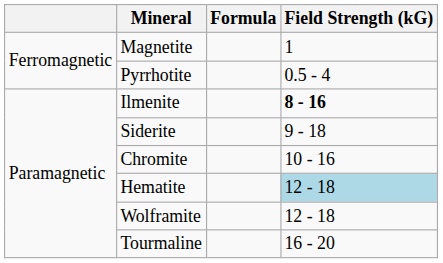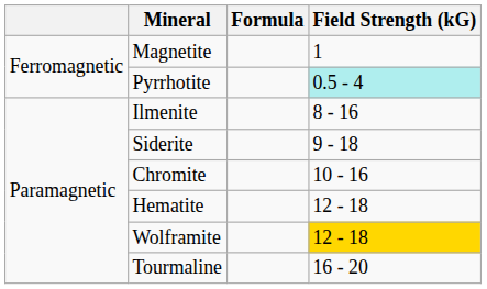 <table class="wikitable">
 <tr>
 <th></th>
 <th>Mineral</th>
 <th>Formula</th>
 <th>Field Strength (kG)</th>
 </tr>
 <tr>
 <td rowspan="2">Ferromagnetic</td>
 <td>Magnetite</td>
 <td></td>
 <td>1</td>
 </tr>
 <tr>
 <td>Pyrrhotite</td>
 <td></td>
-<td>0.5 - 4</td>
+<td style="background: paleturquoise;">0.5 - 4</td>
 </tr>
 <tr>
 <td rowspan="6">Paramagnetic</td>
 <td>Ilmenite</td>
 <td></td>
-<td><strong>8 - 16</strong></td>
+<td>8 - 16</td>
 </tr>
 <tr>
 <td>Siderite</td>
 <td></td>
 <td>9 - 18</td>
 </tr>
 <tr>
 <td>Chromite</td>
 <td></td>
 <td>10 - 16</td>
 </tr>
 <tr>
 <td>Hematite</td>
 <td></td>
-<td style="background: lightblue;">12 - 18</td>
+<td>12 - 18</td>
 </tr>
 <tr>
 <td>Wolframite</td>
 <td></td>
-<td>12 - 18</td>
+<td style="background: gold;">12 - 18</td>
 </tr>
 <tr>
 <td>Tourmaline</td>
 <td></td>
 <td>16 - 20</td>
 </tr>
 </table>
